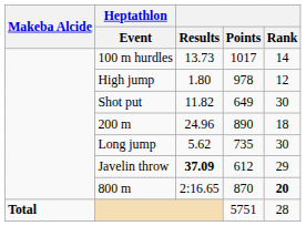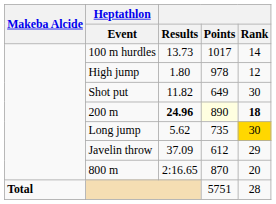 <table class=wikitable style="font-size:90%;">
 <tr>
 <th rowspan="2"><a href='#'>Makeba Alcide</a></th>
 <th><a href='#'>Heptathlon</a></th>
 <th colspan="3"></th>
 </tr>
 <tr>
 <th>Event</th>
 <th>Results</th>
 <th>Points</th>
 <th>Rank</th>
 </tr>
 <tr style="border-top: single;">
 <td rowspan="7"></td>
 <td>100 m hurdles</td>
 <td align=center>13.73</td>
 <td align=center>1017</td>
 <td align=center>14</td>
 </tr>
 <tr>
 <td>High jump</td>
 <td align=center>1.80</td>
 <td align=center>978</td>
 <td align=center>12</td>
 </tr>
 <tr>
 <td>Shot put</td>
 <td align=center>11.82</td>
 <td align=center>649</td>
 <td align=center>30</td>
 </tr>
 <tr>
 <td>200 m</td>
-<td align=center>24.96</td>
-<td align=center>890</td>
-<td align=center>18</td>
+<td align=center><strong>24.96</strong></td>
+<td align=center style="background: lightyellow;">890</td>
+<td align=center><strong>18</strong></td>
 </tr>
 <tr>
 <td>Long jump</td>
 <td align=center>5.62</td>
 <td align=center>735</td>
-<td align=center>30</td>
+<td align=center style="background: gold;">30</td>
 </tr>
 <tr>
 <td>Javelin throw</td>
-<td align=center><strong>37.09</strong></td>
+<td align=center>37.09</td>
 <td align=center>612</td>
 <td align=center>29</td>
 </tr>
 <tr>
 <td>800 m</td>
 <td align=center>2:16.65</td>
 <td align=center>870</td>
-<td align=center><strong>20</strong></td>
+<td align=center>20</td>
 </tr>
 <tr style="border-top: single;">
 <td><strong>Total</strong></td>
 <td colspan="2" style="background:wheat;"></td>
 <td align=center>5751</td>
 <td align=center>28</td>
 </tr>
 </table>
